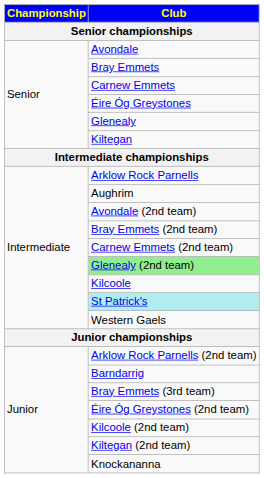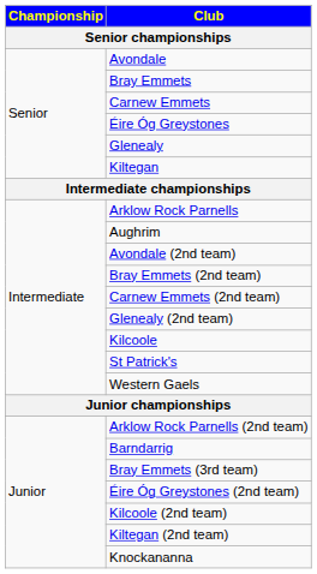 <table class="wikitable sortable">
 <tr>
 <th style="background:blue;color:yellow;">Championship</th>
 <th style="background:blue;color:yellow;">Club</th>
 </tr>
 <tr>
 <th colspan="2">Senior championships</th>
 </tr>
 <tr>
 <td rowspan="6">Senior</td>
 <td><a href='#'>Avondale</a></td>
 </tr>
 <tr>
 <td><a href='#'>Bray Emmets</a></td>
 </tr>
 <tr>
 <td><a href='#'>Carnew Emmets</a></td>
 </tr>
 <tr>
 <td><a href='#'>Éire Óg Greystones</a></td>
 </tr>
 <tr>
 <td><a href='#'>Glenealy</a></td>
 </tr>
 <tr>
 <td><a href='#'>Kiltegan</a></td>
 </tr>
 <tr>
 <th colspan="2">Intermediate championships</th>
 </tr>
 <tr>
 <td rowspan="9">Intermediate</td>
 <td><a href='#'>Arklow Rock Parnells</a></td>
 </tr>
 <tr>
 <td>Aughrim</td>
 </tr>
 <tr>
 <td><a href='#'>Avondale</a> (2nd team)</td>
 </tr>
 <tr>
 <td><a href='#'>Bray Emmets</a> (2nd team)</td>
 </tr>
 <tr>
 <td><a href='#'>Carnew Emmets</a> (2nd team)</td>
 </tr>
 <tr>
-<td style="background: lightgreen;"><a href='#'>Glenealy</a> (2nd team)</td>
+<td><a href='#'>Glenealy</a> (2nd team)</td>
 </tr>
 <tr>
 <td><a href='#'>Kilcoole</a></td>
 </tr>
 <tr>
-<td style="background: paleturquoise;"><a href='#'>St Patrick's</a></td>
+<td><a href='#'>St Patrick's</a></td>
 </tr>
 <tr>
 <td>Western Gaels</td>
 </tr>
 <tr>
 <th colspan="2">Junior championships</th>
 </tr>
 <tr>
 <td rowspan="7">Junior</td>
 <td><a href='#'>Arklow Rock Parnells</a> (2nd team)</td>
 </tr>
 <tr>
 <td><a href='#'>Barndarrig</a></td>
 </tr>
 <tr>
 <td><a href='#'>Bray Emmets</a> (3rd team)</td>
 </tr>
 <tr>
 <td><a href='#'>Éire Óg Greystones</a> (2nd team)</td>
 </tr>
 <tr>
 <td><a href='#'>Kilcoole</a> (2nd team)</td>
 </tr>
 <tr>
 <td><a href='#'>Kiltegan</a> (2nd team)</td>
 </tr>
 <tr>
 <td>Knockananna</td>
 </tr>
 </table>
